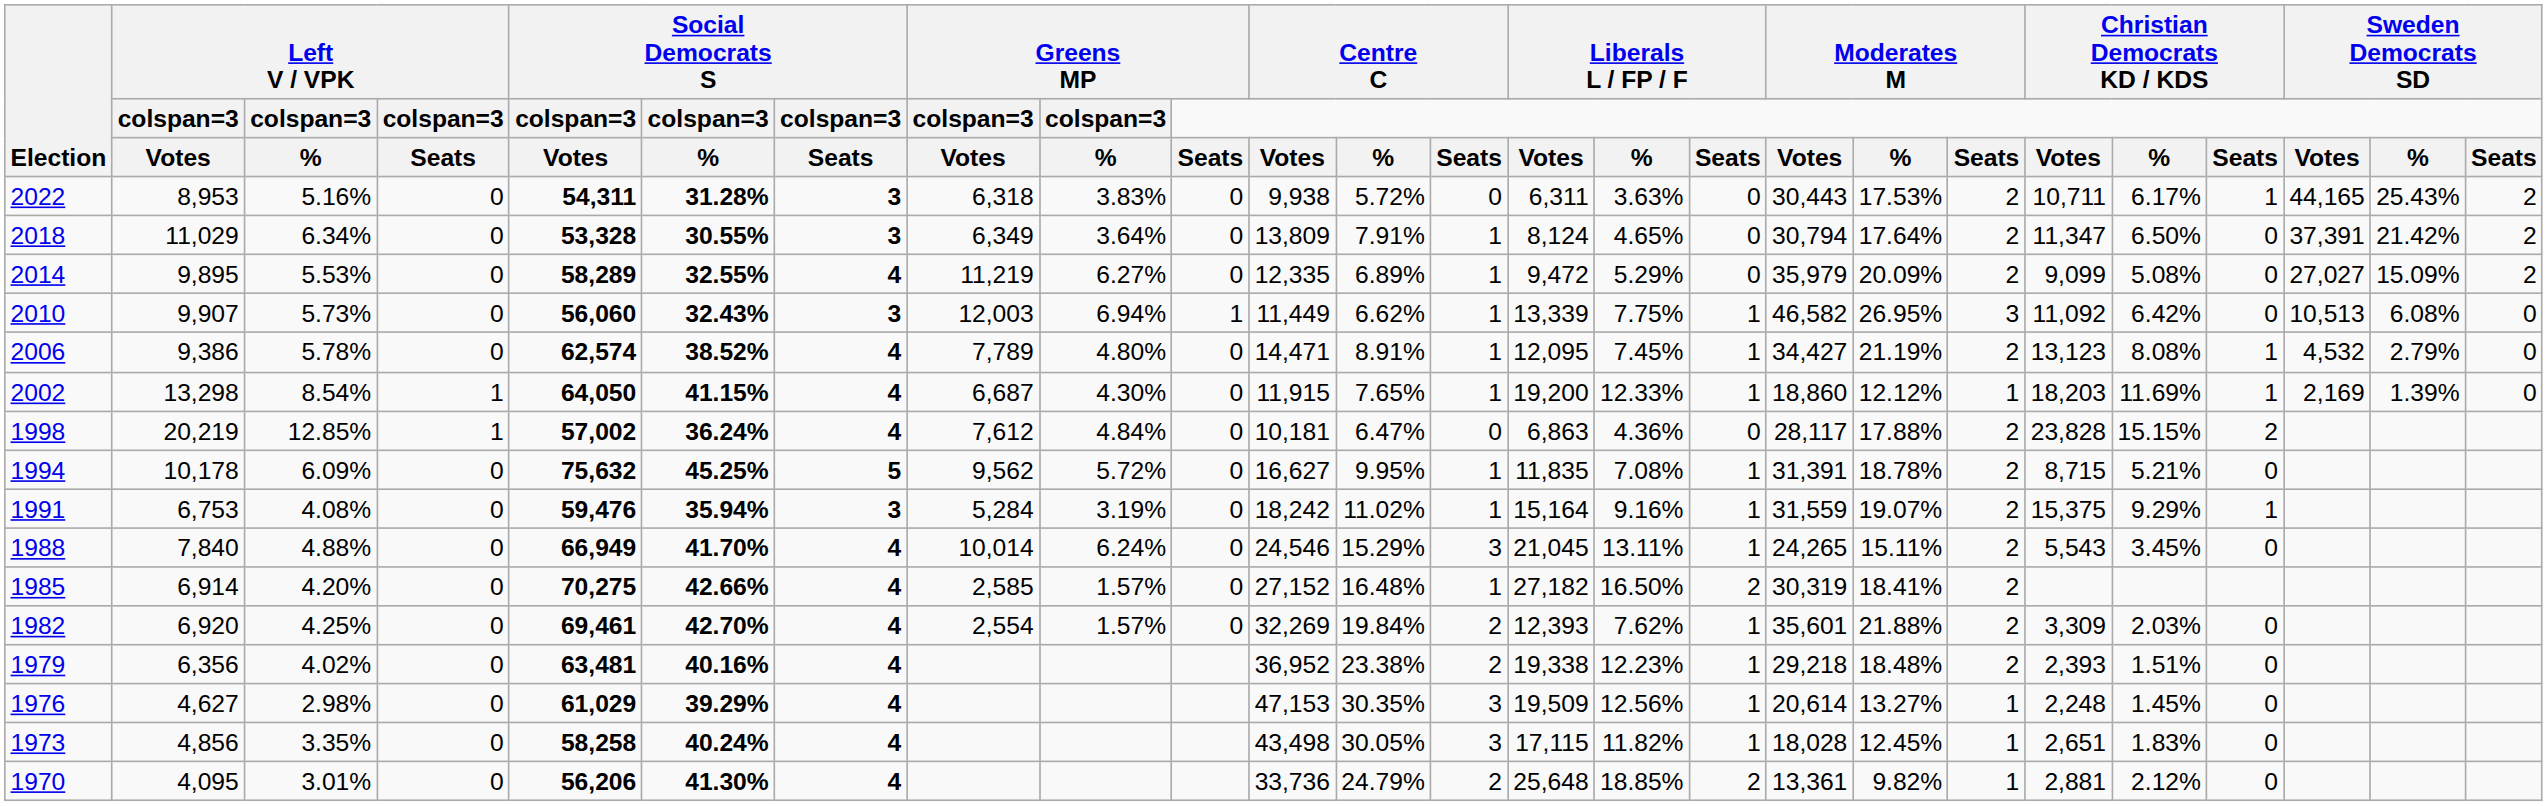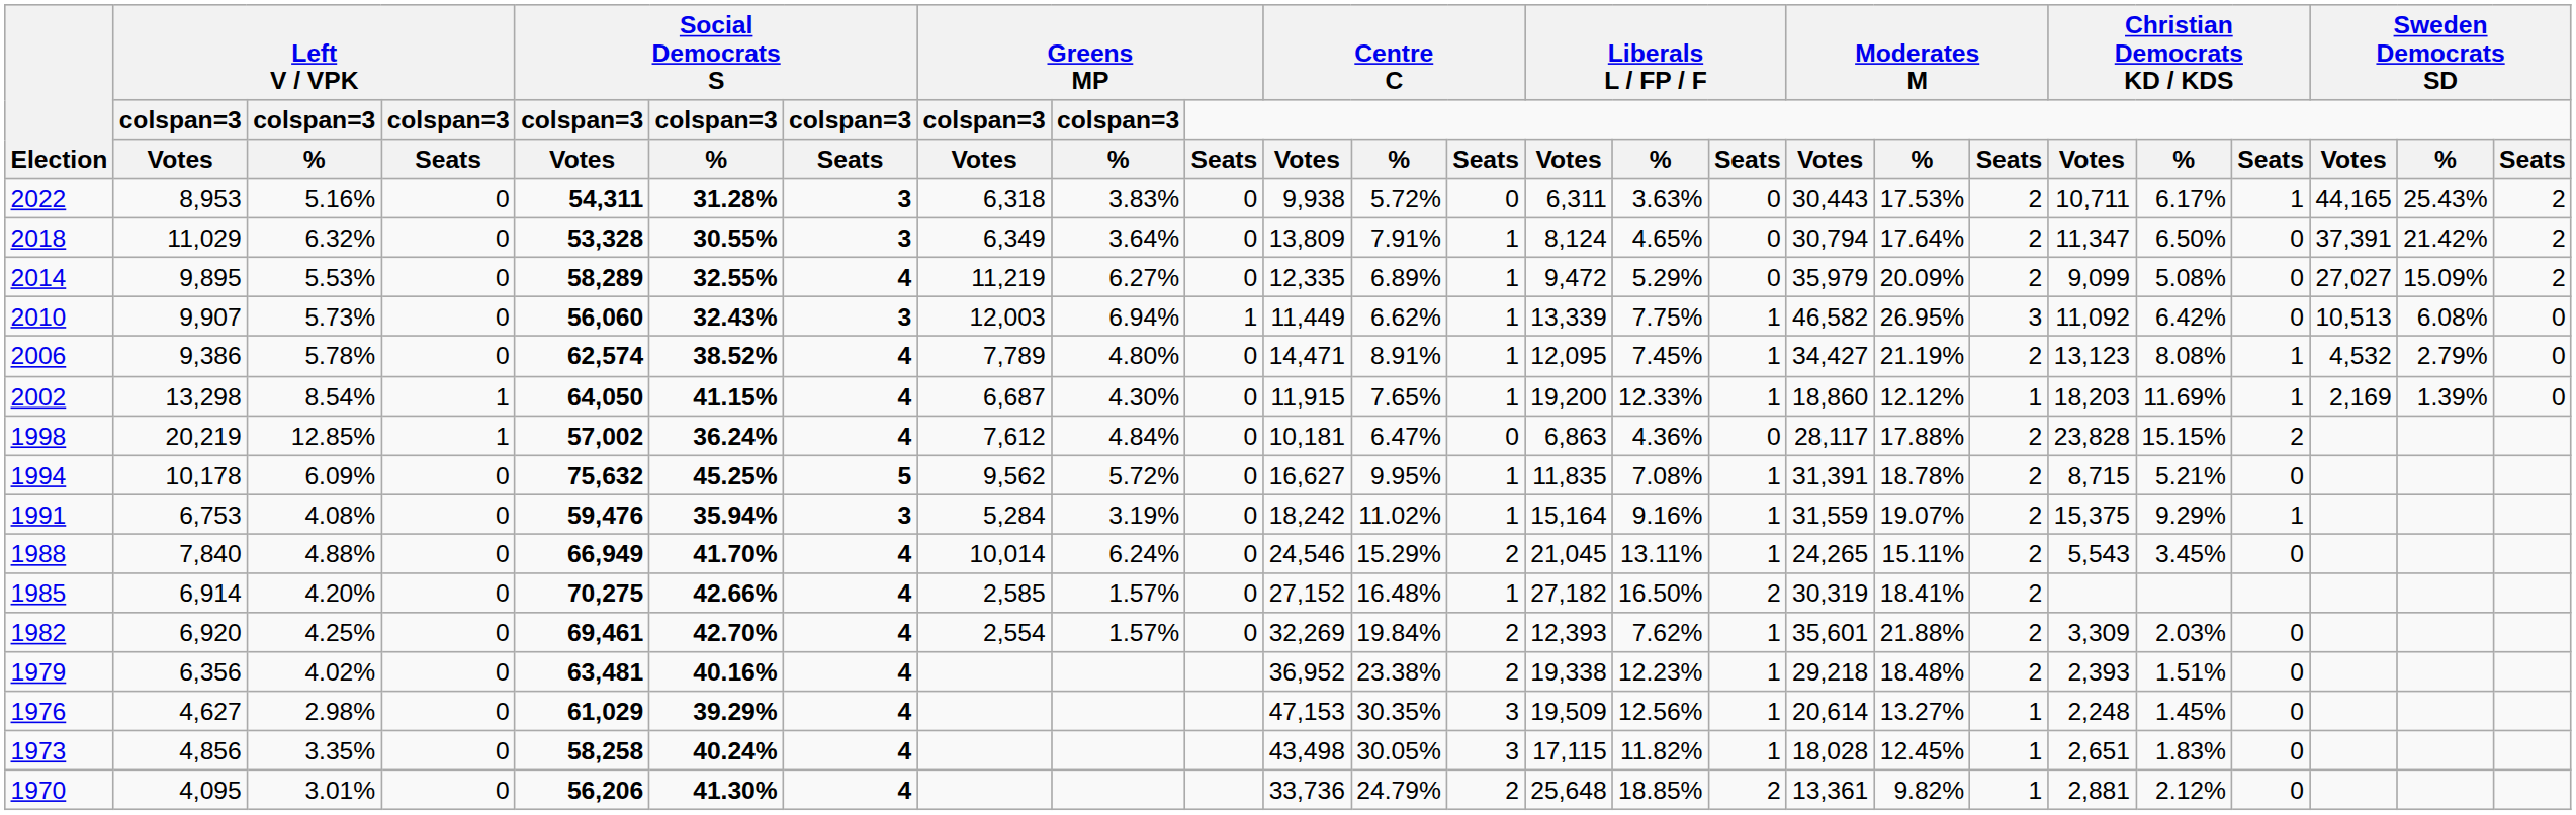 <table class="wikitable" border="1" style="font-size:95%; text-align:right;">
 <tr>
 <th style="text-align:left;" valign=bottom rowspan=3>Election</th>
 <th valign=bottom colspan=3><a href='#'>Left</a><br>V / VPK</th>
 <th valign=bottom colspan=3><a href='#'>Social<br>Democrats</a><br>S</th>
 <th valign=bottom colspan=3><a href='#'>Greens</a><br>MP</th>
 <th valign=bottom colspan=3><a href='#'>Centre</a><br>C</th>
 <th valign=bottom colspan=3><a href='#'>Liberals</a><br>L / FP / F</th>
 <th valign=bottom colspan=3><a href='#'>Moderates</a><br>M</th>
 <th valign=bottom colspan=3><a href='#'>Christian<br>Democrats</a><br>KD / KDS</th>
 <th valign=bottom colspan=3><a href='#'>Sweden<br>Democrats</a><br>SD</th>
 </tr>
 <tr>
 <th>colspan=3 </th>
 <th>colspan=3 </th>
 <th>colspan=3 </th>
 <th>colspan=3 </th>
 <th>colspan=3 </th>
 <th>colspan=3 </th>
 <th>colspan=3 </th>
 <th>colspan=3 </th>
 </tr>
 <tr>
 <th>Votes</th>
 <th>%</th>
 <th>Seats</th>
 <th>Votes</th>
 <th>%</th>
 <th>Seats</th>
 <th>Votes</th>
 <th>%</th>
 <th>Seats</th>
 <th>Votes</th>
 <th>%</th>
 <th>Seats</th>
 <th>Votes</th>
 <th>%</th>
 <th>Seats</th>
 <th>Votes</th>
 <th>%</th>
 <th>Seats</th>
 <th>Votes</th>
 <th>%</th>
 <th>Seats</th>
 <th>Votes</th>
 <th>%</th>
 <th>Seats</th>
 </tr>
 <tr>
 <td align=left><a href='#'>2022</a></td>
 <td>8,953</td>
 <td>5.16%</td>
 <td>0</td>
 <td><strong>54,311</strong></td>
 <td><strong>31.28%</strong></td>
 <td><strong>3</strong></td>
 <td>6,318</td>
 <td>3.83%</td>
 <td>0</td>
 <td>9,938</td>
 <td>5.72%</td>
 <td>0</td>
 <td>6,311</td>
 <td>3.63%</td>
 <td>0</td>
 <td>30,443</td>
 <td>17.53%</td>
 <td>2</td>
 <td>10,711</td>
 <td>6.17%</td>
 <td>1</td>
 <td>44,165</td>
 <td>25.43%</td>
 <td>2</td>
 </tr>
 <tr>
 <td align=left><a href='#'>2018</a></td>
 <td>11,029</td>
-<td>6.34%</td>
+<td>6.32%</td>
 <td>0</td>
 <td><strong>53,328</strong></td>
 <td><strong>30.55%</strong></td>
 <td><strong>3</strong></td>
 <td>6,349</td>
 <td>3.64%</td>
 <td>0</td>
 <td>13,809</td>
 <td>7.91%</td>
 <td>1</td>
 <td>8,124</td>
 <td>4.65%</td>
 <td>0</td>
 <td>30,794</td>
 <td>17.64%</td>
 <td>2</td>
 <td>11,347</td>
 <td>6.50%</td>
 <td>0</td>
 <td>37,391</td>
 <td>21.42%</td>
 <td>2</td>
 </tr>
 <tr>
 <td align=left><a href='#'>2014</a></td>
 <td>9,895</td>
 <td>5.53%</td>
 <td>0</td>
 <td><strong>58,289</strong></td>
 <td><strong>32.55%</strong></td>
 <td><strong>4</strong></td>
 <td>11,219</td>
 <td>6.27%</td>
 <td>0</td>
 <td>12,335</td>
 <td>6.89%</td>
 <td>1</td>
 <td>9,472</td>
 <td>5.29%</td>
 <td>0</td>
 <td>35,979</td>
 <td>20.09%</td>
 <td>2</td>
 <td>9,099</td>
 <td>5.08%</td>
 <td>0</td>
 <td>27,027</td>
 <td>15.09%</td>
 <td>2</td>
 </tr>
 <tr>
 <td align=left><a href='#'>2010</a></td>
 <td>9,907</td>
 <td>5.73%</td>
 <td>0</td>
 <td><strong>56,060</strong></td>
 <td><strong>32.43%</strong></td>
 <td><strong>3</strong></td>
 <td>12,003</td>
 <td>6.94%</td>
 <td>1</td>
 <td>11,449</td>
 <td>6.62%</td>
 <td>1</td>
 <td>13,339</td>
 <td>7.75%</td>
 <td>1</td>
 <td>46,582</td>
 <td>26.95%</td>
 <td>3</td>
 <td>11,092</td>
 <td>6.42%</td>
 <td>0</td>
 <td>10,513</td>
 <td>6.08%</td>
 <td>0</td>
 </tr>
 <tr>
 <td align=left><a href='#'>2006</a></td>
 <td>9,386</td>
 <td>5.78%</td>
 <td>0</td>
 <td><strong>62,574</strong></td>
 <td><strong>38.52%</strong></td>
 <td><strong>4</strong></td>
 <td>7,789</td>
 <td>4.80%</td>
 <td>0</td>
 <td>14,471</td>
 <td>8.91%</td>
 <td>1</td>
 <td>12,095</td>
 <td>7.45%</td>
 <td>1</td>
 <td>34,427</td>
 <td>21.19%</td>
 <td>2</td>
 <td>13,123</td>
 <td>8.08%</td>
 <td>1</td>
 <td>4,532</td>
 <td>2.79%</td>
 <td>0</td>
 </tr>
 <tr>
 <td align=left><a href='#'>2002</a></td>
 <td>13,298</td>
 <td>8.54%</td>
 <td>1</td>
 <td><strong>64,050</strong></td>
 <td><strong>41.15%</strong></td>
 <td><strong>4</strong></td>
 <td>6,687</td>
 <td>4.30%</td>
 <td>0</td>
 <td>11,915</td>
 <td>7.65%</td>
 <td>1</td>
 <td>19,200</td>
 <td>12.33%</td>
 <td>1</td>
 <td>18,860</td>
 <td>12.12%</td>
 <td>1</td>
 <td>18,203</td>
 <td>11.69%</td>
 <td>1</td>
 <td>2,169</td>
 <td>1.39%</td>
 <td>0</td>
 </tr>
 <tr>
 <td align=left><a href='#'>1998</a></td>
 <td>20,219</td>
 <td>12.85%</td>
 <td>1</td>
 <td><strong>57,002</strong></td>
 <td><strong>36.24%</strong></td>
 <td><strong>4</strong></td>
 <td>7,612</td>
 <td>4.84%</td>
 <td>0</td>
 <td>10,181</td>
 <td>6.47%</td>
 <td>0</td>
 <td>6,863</td>
 <td>4.36%</td>
 <td>0</td>
 <td>28,117</td>
 <td>17.88%</td>
 <td>2</td>
 <td>23,828</td>
 <td>15.15%</td>
 <td>2</td>
 <td></td>
 <td></td>
 <td></td>
 </tr>
 <tr>
 <td align=left><a href='#'>1994</a></td>
 <td>10,178</td>
 <td>6.09%</td>
 <td>0</td>
 <td><strong>75,632</strong></td>
 <td><strong>45.25%</strong></td>
 <td><strong>5</strong></td>
 <td>9,562</td>
 <td>5.72%</td>
 <td>0</td>
 <td>16,627</td>
 <td>9.95%</td>
 <td>1</td>
 <td>11,835</td>
 <td>7.08%</td>
 <td>1</td>
 <td>31,391</td>
 <td>18.78%</td>
 <td>2</td>
 <td>8,715</td>
 <td>5.21%</td>
 <td>0</td>
 <td></td>
 <td></td>
 <td></td>
 </tr>
 <tr>
 <td align=left><a href='#'>1991</a></td>
 <td>6,753</td>
 <td>4.08%</td>
 <td>0</td>
 <td><strong>59,476</strong></td>
 <td><strong>35.94%</strong></td>
 <td><strong>3</strong></td>
 <td>5,284</td>
 <td>3.19%</td>
 <td>0</td>
 <td>18,242</td>
 <td>11.02%</td>
 <td>1</td>
 <td>15,164</td>
 <td>9.16%</td>
 <td>1</td>
 <td>31,559</td>
 <td>19.07%</td>
 <td>2</td>
 <td>15,375</td>
 <td>9.29%</td>
 <td>1</td>
 <td></td>
 <td></td>
 <td></td>
 </tr>
 <tr>
 <td align=left><a href='#'>1988</a></td>
 <td>7,840</td>
 <td>4.88%</td>
 <td>0</td>
 <td><strong>66,949</strong></td>
 <td><strong>41.70%</strong></td>
 <td><strong>4</strong></td>
 <td>10,014</td>
 <td>6.24%</td>
 <td>0</td>
 <td>24,546</td>
 <td>15.29%</td>
-<td>3</td>
+<td>2</td>
 <td>21,045</td>
 <td>13.11%</td>
 <td>1</td>
 <td>24,265</td>
 <td>15.11%</td>
 <td>2</td>
 <td>5,543</td>
 <td>3.45%</td>
 <td>0</td>
 <td></td>
 <td></td>
 <td></td>
 </tr>
 <tr>
 <td align=left><a href='#'>1985</a></td>
 <td>6,914</td>
 <td>4.20%</td>
 <td>0</td>
 <td><strong>70,275</strong></td>
 <td><strong>42.66%</strong></td>
 <td><strong>4</strong></td>
 <td>2,585</td>
 <td>1.57%</td>
 <td>0</td>
 <td>27,152</td>
 <td>16.48%</td>
 <td>1</td>
 <td>27,182</td>
 <td>16.50%</td>
 <td>2</td>
 <td>30,319</td>
 <td>18.41%</td>
 <td>2</td>
 <td></td>
 <td></td>
 <td></td>
 <td></td>
 <td></td>
 <td></td>
 </tr>
 <tr>
 <td align=left><a href='#'>1982</a></td>
 <td>6,920</td>
 <td>4.25%</td>
 <td>0</td>
 <td><strong>69,461</strong></td>
 <td><strong>42.70%</strong></td>
 <td><strong>4</strong></td>
 <td>2,554</td>
 <td>1.57%</td>
 <td>0</td>
 <td>32,269</td>
 <td>19.84%</td>
 <td>2</td>
 <td>12,393</td>
 <td>7.62%</td>
 <td>1</td>
 <td>35,601</td>
 <td>21.88%</td>
 <td>2</td>
 <td>3,309</td>
 <td>2.03%</td>
 <td>0</td>
 <td></td>
 <td></td>
 <td></td>
 </tr>
 <tr>
 <td align=left><a href='#'>1979</a></td>
 <td>6,356</td>
 <td>4.02%</td>
 <td>0</td>
 <td><strong>63,481</strong></td>
 <td><strong>40.16%</strong></td>
 <td><strong>4</strong></td>
 <td></td>
 <td></td>
 <td></td>
 <td>36,952</td>
 <td>23.38%</td>
 <td>2</td>
 <td>19,338</td>
 <td>12.23%</td>
 <td>1</td>
 <td>29,218</td>
 <td>18.48%</td>
 <td>2</td>
 <td>2,393</td>
 <td>1.51%</td>
 <td>0</td>
 <td></td>
 <td></td>
 <td></td>
 </tr>
 <tr>
 <td align=left><a href='#'>1976</a></td>
 <td>4,627</td>
 <td>2.98%</td>
 <td>0</td>
 <td><strong>61,029</strong></td>
 <td><strong>39.29%</strong></td>
 <td><strong>4</strong></td>
 <td></td>
 <td></td>
 <td></td>
 <td>47,153</td>
 <td>30.35%</td>
 <td>3</td>
 <td>19,509</td>
 <td>12.56%</td>
 <td>1</td>
 <td>20,614</td>
 <td>13.27%</td>
 <td>1</td>
 <td>2,248</td>
 <td>1.45%</td>
 <td>0</td>
 <td></td>
 <td></td>
 <td></td>
 </tr>
 <tr>
 <td align=left><a href='#'>1973</a></td>
 <td>4,856</td>
 <td>3.35%</td>
 <td>0</td>
 <td><strong>58,258</strong></td>
 <td><strong>40.24%</strong></td>
 <td><strong>4</strong></td>
 <td></td>
 <td></td>
 <td></td>
 <td>43,498</td>
 <td>30.05%</td>
 <td>3</td>
 <td>17,115</td>
 <td>11.82%</td>
 <td>1</td>
 <td>18,028</td>
 <td>12.45%</td>
 <td>1</td>
 <td>2,651</td>
 <td>1.83%</td>
 <td>0</td>
 <td></td>
 <td></td>
 <td></td>
 </tr>
 <tr>
 <td align=left><a href='#'>1970</a></td>
 <td>4,095</td>
 <td>3.01%</td>
 <td>0</td>
 <td><strong>56,206</strong></td>
 <td><strong>41.30%</strong></td>
 <td><strong>4</strong></td>
 <td></td>
 <td></td>
 <td></td>
 <td>33,736</td>
 <td>24.79%</td>
 <td>2</td>
 <td>25,648</td>
 <td>18.85%</td>
 <td>2</td>
 <td>13,361</td>
 <td>9.82%</td>
 <td>1</td>
 <td>2,881</td>
 <td>2.12%</td>
 <td>0</td>
 <td></td>
 <td></td>
 <td></td>
 </tr>
 </table>
